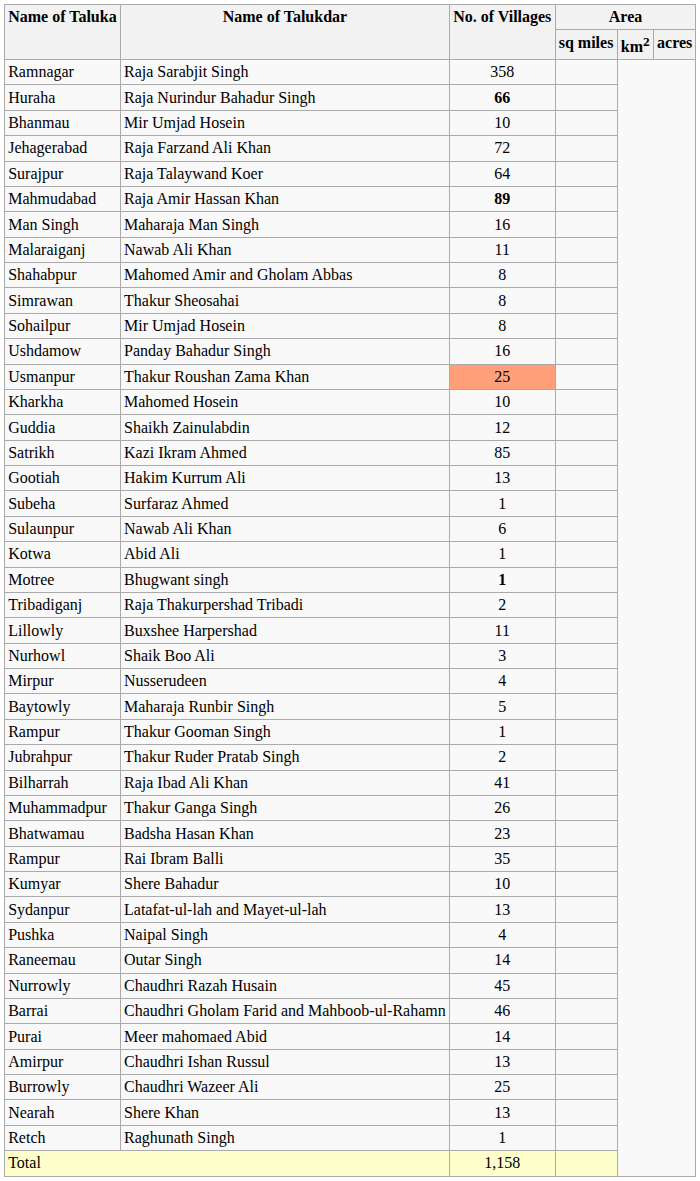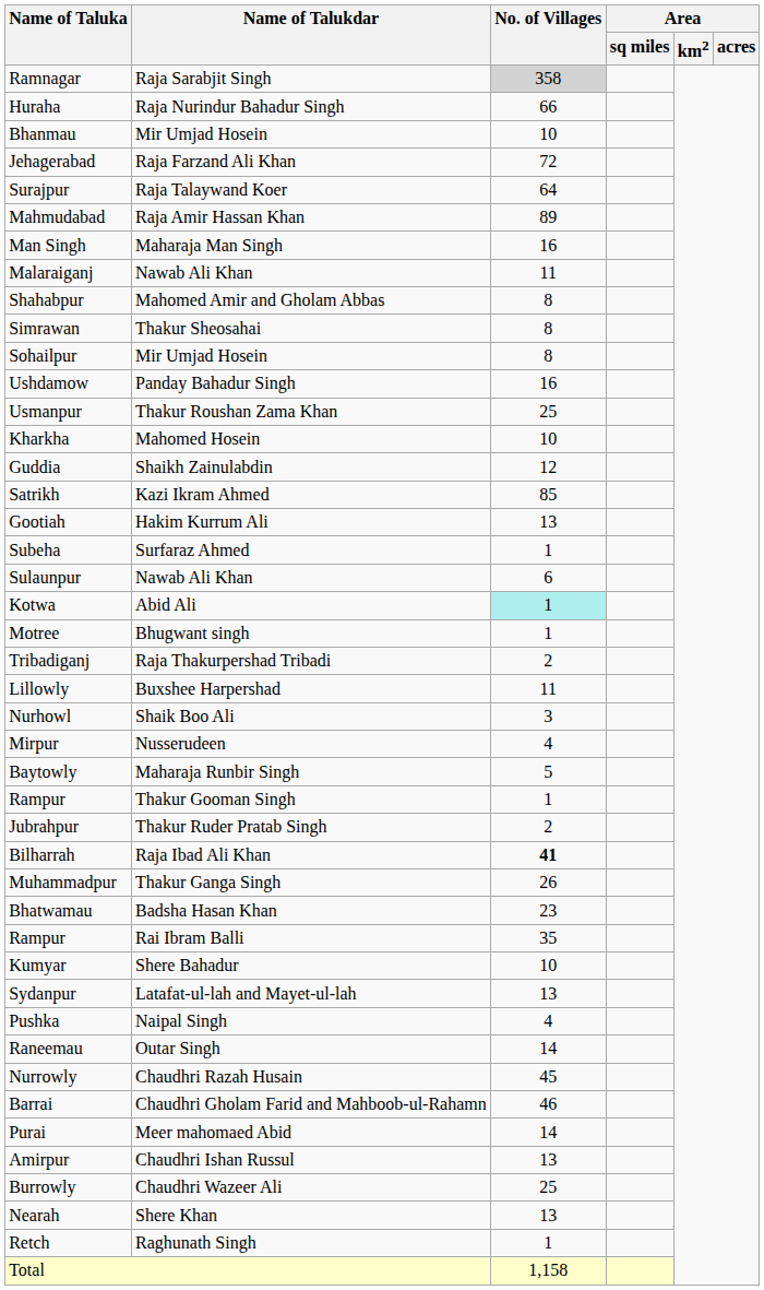 <table class="wikitable mw-collapsible mw-collapsed">
 <tr valign=top>
 <th rowspan=2>Name of Taluka</th>
 <th rowspan=2>Name of Talukdar</th>
 <th rowspan=2>No. of Villages</th>
 <th colspan=3>Area</th>
 </tr>
 <tr valign=top>
 <th>sq miles</th>
 <th>km<sup>2</sup></th>
 <th>acres</th>
 </tr>
 <tr valign=top>
 <td>Ramnagar</td>
 <td>Raja Sarabjit Singh</td>
-<td align=center>358</td>
+<td align=center style="background: lightgrey;">358</td>
 <td></td>
 </tr>
 <tr valign=top>
 <td>Huraha</td>
 <td>Raja Nurindur Bahadur Singh</td>
-<td align=center><strong>66</strong></td>
+<td align=center>66</td>
 <td></td>
 </tr>
 <tr valign=top>
 <td>Bhanmau</td>
 <td>Mir Umjad Hosein</td>
 <td align=center>10</td>
 <td></td>
 </tr>
 <tr valign=top>
 <td>Jehagerabad</td>
 <td>Raja Farzand Ali Khan</td>
 <td align=center>72</td>
 <td></td>
 </tr>
 <tr valign=top>
 <td>Surajpur</td>
 <td>Raja Talaywand Koer</td>
 <td align=center>64</td>
 <td></td>
 </tr>
 <tr valign=top>
 <td>Mahmudabad</td>
 <td>Raja Amir Hassan Khan</td>
-<td align=center><strong>89</strong></td>
+<td align=center>89</td>
 <td></td>
 </tr>
 <tr valign=top>
 <td>Man Singh</td>
 <td>Maharaja Man Singh</td>
 <td align=center>16</td>
 <td></td>
 </tr>
 <tr valign=top>
 <td>Malaraiganj</td>
 <td>Nawab Ali Khan</td>
 <td align=center>11</td>
 <td></td>
 </tr>
 <tr valign=top>
 <td>Shahabpur</td>
 <td>Mahomed Amir and Gholam Abbas</td>
 <td align=center>8</td>
 <td></td>
 </tr>
 <tr valign=top>
 <td>Simrawan</td>
 <td>Thakur Sheosahai</td>
 <td align=center>8</td>
 <td></td>
 </tr>
 <tr valign=top>
 <td>Sohailpur</td>
 <td>Mir Umjad Hosein</td>
 <td align=center>8</td>
 <td></td>
 </tr>
 <tr valign=top>
 <td>Ushdamow</td>
 <td>Panday Bahadur Singh</td>
 <td align=center>16</td>
 <td></td>
 </tr>
 <tr valign=top>
 <td>Usmanpur</td>
 <td>Thakur Roushan Zama Khan</td>
-<td align=center style="background: lightsalmon;">25</td>
+<td align=center>25</td>
 <td><br></td>
 </tr>
 <tr valign=top>
 <td>Kharkha</td>
 <td>Mahomed Hosein</td>
 <td align=center>10</td>
 <td></td>
 </tr>
 <tr valign=top>
 <td>Guddia</td>
 <td>Shaikh Zainulabdin</td>
 <td align=center>12</td>
 <td></td>
 </tr>
 <tr valign=top>
 <td>Satrikh</td>
 <td>Kazi Ikram Ahmed</td>
 <td align=center>85</td>
 <td></td>
 </tr>
 <tr>
 <td>Gootiah</td>
 <td>Hakim Kurrum Ali</td>
 <td align=center>13</td>
 <td></td>
 </tr>
 <tr valign=top>
 <td>Subeha</td>
 <td>Surfaraz Ahmed</td>
 <td align=center>1</td>
 <td></td>
 </tr>
 <tr valign=top>
 <td>Sulaunpur</td>
 <td>Nawab Ali Khan</td>
 <td align=center>6</td>
 <td></td>
 </tr>
 <tr>
 <td>Kotwa</td>
 <td>Abid Ali</td>
-<td align=center>1</td>
+<td align=center style="background: paleturquoise;">1</td>
 <td></td>
 </tr>
 <tr valign=top>
 <td>Motree</td>
 <td>Bhugwant singh</td>
-<td align=center><strong>1</strong></td>
+<td align=center>1</td>
 <td></td>
 </tr>
 <tr valign=top>
 <td>Tribadiganj</td>
 <td>Raja Thakurpershad Tribadi</td>
 <td align=center>2</td>
 <td></td>
 </tr>
 <tr valign=top>
 <td>Lillowly</td>
 <td>Buxshee Harpershad</td>
 <td align=center>11</td>
 <td></td>
 </tr>
 <tr>
 <td>Nurhowl</td>
 <td>Shaik Boo Ali</td>
 <td align=center>3</td>
 <td></td>
 </tr>
 <tr valign=top>
 <td>Mirpur</td>
 <td>Nusserudeen</td>
 <td align=center>4</td>
 <td></td>
 </tr>
 <tr valign=top>
 <td>Baytowly</td>
 <td>Maharaja Runbir Singh</td>
 <td align=center>5</td>
 <td></td>
 </tr>
 <tr valign=top>
 <td>Rampur</td>
 <td>Thakur Gooman Singh</td>
 <td align=center>1</td>
 <td></td>
 </tr>
 <tr valign=top>
 <td>Jubrahpur</td>
 <td>Thakur Ruder Pratab Singh</td>
 <td align=center>2</td>
 <td></td>
 </tr>
 <tr valign=top>
 <td>Bilharrah</td>
 <td>Raja Ibad Ali Khan</td>
-<td align=center>41</td>
+<td align=center><strong>41</strong></td>
 <td></td>
 </tr>
 <tr valign=top>
 <td>Muhammadpur</td>
 <td>Thakur Ganga Singh</td>
 <td align=center>26</td>
 <td></td>
 </tr>
 <tr valign=top>
 <td>Bhatwamau</td>
 <td>Badsha Hasan Khan</td>
 <td align=center>23</td>
 <td></td>
 </tr>
 <tr>
 <td>Rampur</td>
 <td>Rai Ibram Balli</td>
 <td align=center>35</td>
 <td></td>
 </tr>
 <tr valign=top>
 <td>Kumyar</td>
 <td>Shere Bahadur</td>
 <td align=center>10</td>
 <td></td>
 </tr>
 <tr valign=top>
 <td>Sydanpur</td>
 <td>Latafat-ul-lah and Mayet-ul-lah</td>
 <td align=center>13</td>
 <td></td>
 </tr>
 <tr valign=top>
 <td>Pushka</td>
 <td>Naipal Singh</td>
 <td align=center>4</td>
 <td></td>
 </tr>
 <tr valign=top>
 <td>Raneemau</td>
 <td>Outar Singh</td>
 <td align=center>14</td>
 <td></td>
 </tr>
 <tr valign=top>
 <td>Nurrowly</td>
 <td>Chaudhri Razah Husain</td>
 <td align=center>45</td>
 <td></td>
 </tr>
 <tr valign=top>
 <td>Barrai</td>
 <td>Chaudhri Gholam Farid and Mahboob-ul-Rahamn</td>
 <td align=center>46</td>
 <td></td>
 </tr>
 <tr valign=top>
 <td>Purai</td>
 <td>Meer mahomaed Abid</td>
 <td align=center>14</td>
 <td></td>
 </tr>
 <tr valign=top>
 <td>Amirpur</td>
 <td>Chaudhri Ishan Russul</td>
 <td align=center>13</td>
 <td></td>
 </tr>
 <tr valign=top>
 <td>Burrowly</td>
 <td>Chaudhri Wazeer Ali</td>
 <td align=center>25</td>
 <td></td>
 </tr>
 <tr valign=top>
 <td>Nearah</td>
 <td>Shere Khan</td>
 <td align=center>13</td>
 <td></td>
 </tr>
 <tr valign=top>
 <td>Retch</td>
 <td>Raghunath Singh</td>
 <td align=center>1</td>
 <td></td>
 </tr>
 <tr valign=top style="background: #ffffcc">
 <td colspan=2>Total</td>
 <td align=center>1,158</td>
 <td></td>
 </tr>
 </table>
